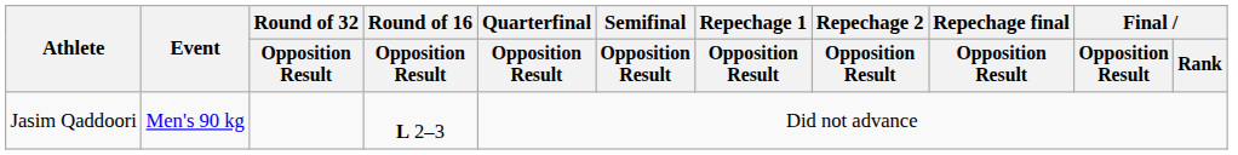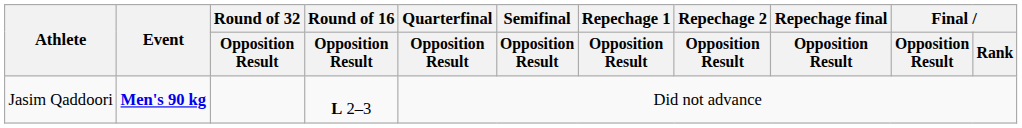 <table class=wikitable style=font-size:90%;text-align:center>
 <tr>
 <th rowspan="2">Athlete</th>
 <th rowspan="2">Event</th>
 <th>Round of 32</th>
 <th>Round of 16</th>
 <th>Quarterfinal</th>
 <th>Semifinal</th>
 <th>Repechage 1</th>
 <th>Repechage 2</th>
 <th>Repechage final</th>
 <th colspan=2>Final / </th>
 </tr>
 <tr style="font-size: 95%">
 <th>Opposition<br>Result</th>
 <th>Opposition<br>Result</th>
 <th>Opposition<br>Result</th>
 <th>Opposition<br>Result</th>
 <th>Opposition<br>Result</th>
 <th>Opposition<br>Result</th>
 <th>Opposition<br>Result</th>
 <th>Opposition<br>Result</th>
 <th>Rank</th>
 </tr>
 <tr>
 <td align=left>Jasim Qaddoori</td>
-<td align=left><a href='#'>Men's 90 kg</a></td>
+<td align=left><strong><a href='#'>Men's 90 kg</a></strong></td>
 <td></td>
 <td><br><strong>L</strong> 2–3</td>
 <td colspan=7>Did not advance</td>
 </tr>
 </table>
